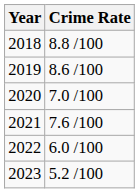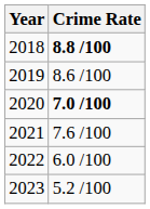 <table class="wikitable">
 <tr>
 <th>Year</th>
 <th>Crime Rate</th>
 </tr>
 <tr>
 <td>2018</td>
-<td>8.8 /100</td>
+<td><strong>8.8 /100</strong></td>
 </tr>
 <tr>
 <td>2019</td>
 <td>8.6 /100</td>
 </tr>
 <tr>
 <td>2020</td>
-<td>7.0 /100</td>
+<td><strong>7.0 /100</strong></td>
 </tr>
 <tr>
 <td>2021</td>
 <td>7.6 /100</td>
 </tr>
 <tr>
 <td>2022</td>
 <td>6.0 /100</td>
 </tr>
 <tr>
 <td>2023</td>
 <td>5.2 /100</td>
 </tr>
 </table>
